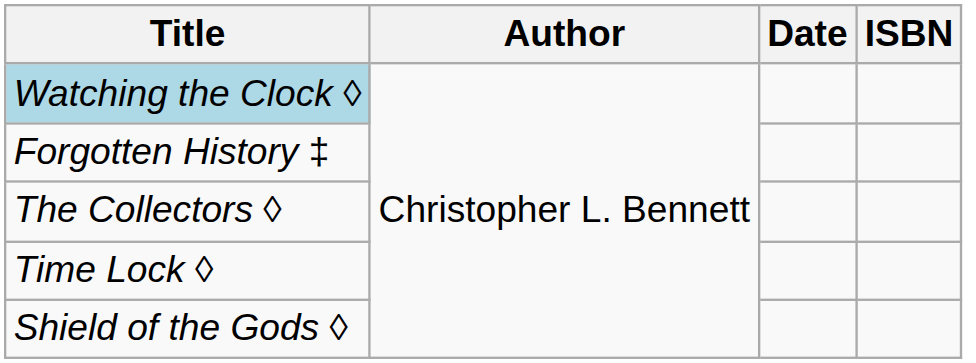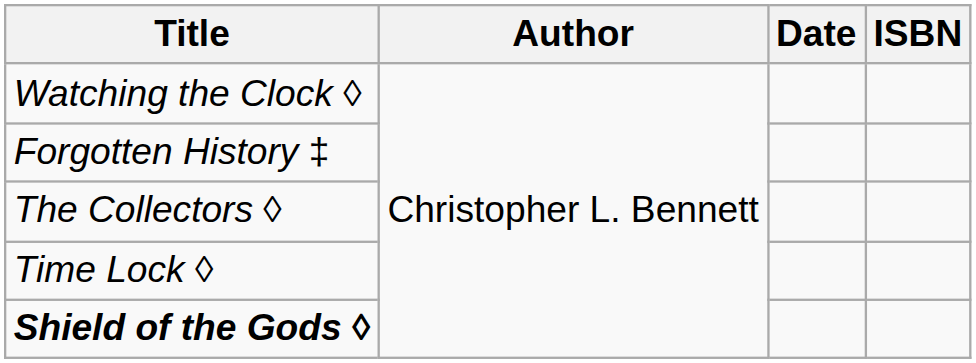 <table class="wikitable">
 <tr>
 <th>Title</th>
 <th>Author</th>
 <th>Date</th>
 <th>ISBN</th>
 </tr>
 <tr>
-<td style="background: lightblue;"><em>Watching the Clock</em> ◊</td>
+<td><em>Watching the Clock</em> ◊</td>
 <td rowspan="5">Christopher L. Bennett</td>
 <td></td>
 <td></td>
 </tr>
 <tr>
 <td><em>Forgotten History</em> ‡</td>
 <td></td>
 <td></td>
 </tr>
 <tr>
 <td><em>The Collectors</em> ◊</td>
 <td></td>
 <td></td>
 </tr>
 <tr>
 <td><em>Time Lock</em> ◊</td>
 <td></td>
 <td></td>
 </tr>
 <tr>
-<td><em>Shield of the Gods</em> ◊</td>
+<td><strong><em>Shield of the Gods</em> ◊</strong></td>
 <td></td>
 <td></td>
 </tr>
 </table>
